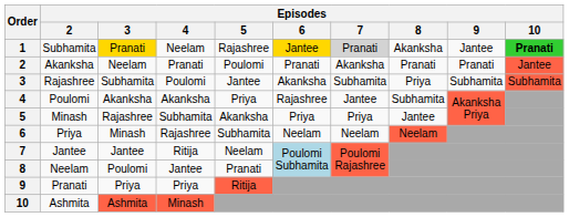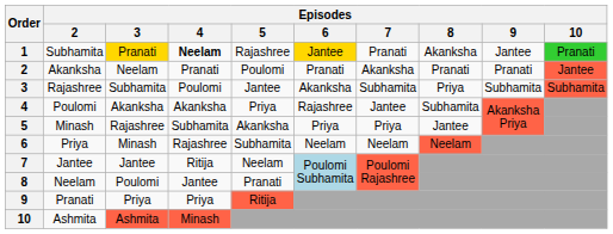 <table class="wikitable" style="text-align:center; font-size:92%">
 <tr>
 <th rowspan=2>Order</th>
 <th colspan=9>Episodes</th>
 </tr>
 <tr>
 <th>2</th>
 <th>3</th>
 <th>4</th>
 <th>5</th>
 <th>6</th>
 <th>7</th>
 <th>8</th>
 <th>9</th>
 <th>10</th>
 </tr>
 <tr>
 <th>1</th>
 <td>Subhamita</td>
 <td style="background:gold;">Pranati</td>
-<td>Neelam</td>
+<td><strong>Neelam</strong></td>
 <td>Rajashree</td>
 <td style="background:gold;">Jantee</td>
-<td style="background: lightgrey;">Pranati</td>
+<td>Pranati</td>
 <td>Akanksha</td>
 <td>Jantee</td>
-<td bgcolor="limegreen"><strong>Pranati</strong></td>
+<td bgcolor="limegreen">Pranati</td>
 </tr>
 <tr>
 <th>2</th>
 <td>Akanksha</td>
 <td>Neelam</td>
 <td>Pranati</td>
 <td>Poulomi</td>
 <td>Pranati</td>
 <td>Akanksha</td>
 <td>Pranati</td>
 <td>Pranati</td>
 <td style="background:tomato;">Jantee</td>
 </tr>
 <tr>
 <th>3</th>
 <td>Rajashree</td>
 <td>Subhamita</td>
 <td>Poulomi</td>
 <td>Jantee</td>
 <td>Akanksha</td>
 <td>Subhamita</td>
 <td>Priya</td>
 <td>Subhamita</td>
 <td style="background:tomato;">Subhamita</td>
 </tr>
 <tr>
 <th>4</th>
 <td>Poulomi</td>
 <td>Akanksha</td>
 <td>Akanksha</td>
 <td>Priya</td>
 <td>Rajashree</td>
 <td>Jantee</td>
 <td>Subhamita</td>
 <td rowspan="2" style="background:tomato;">Akanksha<br>Priya</td>
 <td style="background:darkgray;"></td>
 </tr>
 <tr>
 <th>5</th>
 <td>Minash</td>
 <td>Rajashree</td>
 <td>Subhamita</td>
 <td>Akanksha</td>
 <td>Priya</td>
 <td>Priya</td>
 <td>Jantee</td>
 <td style="background:darkgray;"></td>
 </tr>
 <tr>
 <th>6</th>
 <td>Priya</td>
 <td>Minash</td>
 <td>Rajashree</td>
 <td>Subhamita</td>
 <td>Neelam</td>
 <td>Neelam</td>
 <td style="background:tomato;">Neelam</td>
 <td colspan="2" style="background:darkgray;"></td>
 </tr>
 <tr>
 <th>7</th>
 <td>Jantee</td>
 <td>Jantee</td>
 <td>Ritija</td>
 <td>Neelam</td>
 <td rowspan="2" style="background:lightblue;">Poulomi<br>Subhamita</td>
 <td rowspan="2" style="background:tomato;">Poulomi<br>Rajashree</td>
 <td colspan="3" style="background:darkgray;"></td>
 </tr>
 <tr>
 <th>8</th>
 <td>Neelam</td>
 <td>Poulomi</td>
 <td>Jantee</td>
 <td>Pranati</td>
 <td colspan="3" style="background:darkgray;"></td>
 </tr>
 <tr>
 <th>9</th>
 <td>Pranati</td>
 <td>Priya</td>
 <td>Priya</td>
 <td style="background:tomato;">Ritija</td>
 <td colspan="5" style="background:darkgray;"></td>
 </tr>
 <tr>
 <th>10</th>
 <td>Ashmita</td>
 <td style="background:Tomato;">Ashmita</td>
 <td style="background:tomato;">Minash</td>
 <td colspan="6" style="background:darkgray;"></td>
 </tr>
 </table>
